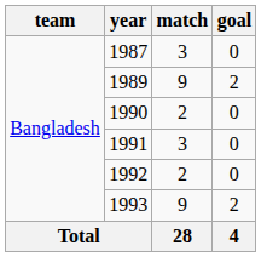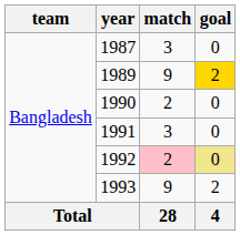 <table class="wikitable" style="text-align: center">
 <tr>
 <th>team</th>
 <th>year</th>
 <th>match</th>
 <th>goal</th>
 </tr>
 <tr>
 <td rowspan=7><a href='#'>Bangladesh</a></td>
 </tr>
 <tr>
 <td>1987</td>
 <td>3</td>
 <td>0</td>
 </tr>
 <tr>
 <td>1989</td>
 <td>9</td>
-<td>2</td>
+<td style="background: gold;">2</td>
 </tr>
 <tr>
 <td>1990</td>
 <td>2</td>
 <td>0</td>
 </tr>
 <tr>
 <td>1991</td>
 <td>3</td>
 <td>0</td>
 </tr>
 <tr>
 <td>1992</td>
-<td>2</td>
-<td>0</td>
+<td style="background: pink;">2</td>
+<td style="background: khaki;">0</td>
 </tr>
 <tr>
 <td>1993</td>
 <td>9</td>
 <td>2</td>
 </tr>
 <tr>
 <th colspan=2>Total</th>
 <th>28</th>
 <th>4</th>
 </tr>
 </table>
